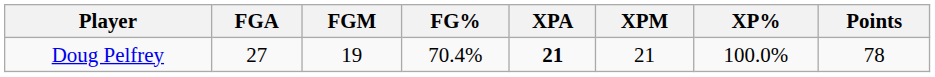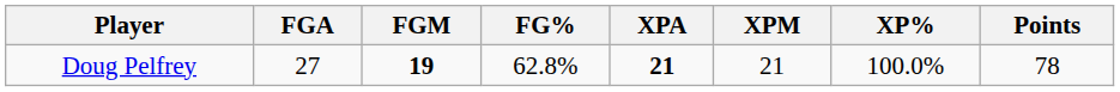 <table class="wikitable" width="80%" style="text-align:center">
 <tr>
 <th>Player</th>
 <th>FGA</th>
 <th>FGM</th>
 <th>FG%</th>
 <th>XPA</th>
 <th>XPM</th>
 <th>XP%</th>
 <th>Points</th>
 </tr>
 <tr>
 <td><a href='#'>Doug Pelfrey</a></td>
 <td>27</td>
-<td>19</td>
-<td>70.4%</td>
+<td><strong>19</strong></td>
+<td>62.8%</td>
 <td><strong>21</strong></td>
 <td>21</td>
 <td>100.0%</td>
 <td>78</td>
 </tr>
 </table>
